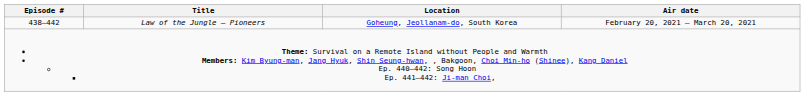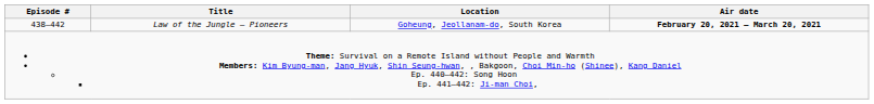 <table class="wikitable" style="text-align:center; font-size:90%; width:100%;">
 <tr>
 <th width="10%">Episode #</th>
 <th width="30%">Title</th>
 <th width="30%">Location</th>
 <th width="30%">Air date</th>
 </tr>
 <tr>
 <td>438–442</td>
 <td><em>Law of the Jungle – Pioneers</em></td>
 <td><a href='#'>Goheung</a>, <a href='#'>Jeollanam-do</a>, South Korea</td>
-<td>February 20, 2021 – March 20, 2021</td>
+<td><strong>February 20, 2021 – March 20, 2021</strong></td>
 </tr>
 <tr>
 <td colspan="4"><br><ul><li><strong>Theme:</strong> Survival on a Remote Island without People and Warmth</li><li><strong>Members:</strong> <a href='#'>Kim Byung-man</a>, <a href='#'>Jang Hyuk</a>, <a href='#'>Shin Seung-hwan</a>, , Bakgoon, <a href='#'>Choi Min-ho</a> (<a href='#'>Shinee</a>), <a href='#'>Kang Daniel</a><ul><li>Ep. 440–442: Song Hoon<ul><li>Ep. 441–442: <a href='#'>Ji-man Choi</a>, </li></ul></li></ul></li></ul></td>
 </tr>
 </table>
